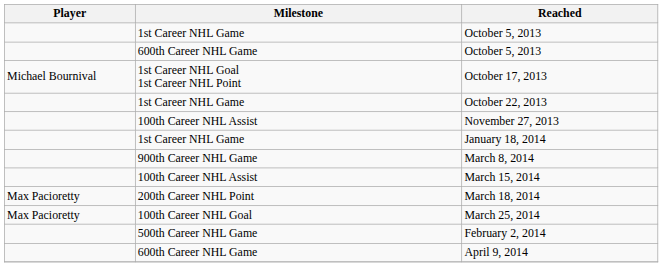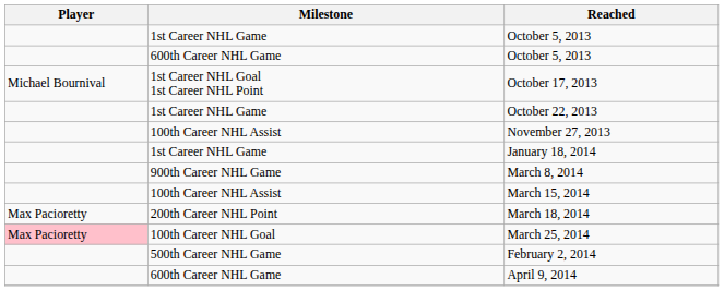 <table class="wikitable sortable" style="width:100%;">
 <tr align=center>
 <th style="width:20%;">Player</th>
 <th style="width:50%;">Milestone</th>
 <th style="width:30%;" data-sort-type="date">Reached</th>
 </tr>
 <tr>
 <td></td>
 <td>1st Career NHL Game</td>
 <td>October 5, 2013</td>
 </tr>
 <tr>
 <td></td>
 <td>600th Career NHL Game</td>
 <td>October 5, 2013</td>
 </tr>
 <tr>
 <td>Michael Bournival</td>
 <td>1st Career NHL Goal<br>1st Career NHL Point</td>
 <td>October 17, 2013</td>
 </tr>
 <tr>
 <td></td>
 <td>1st Career NHL Game</td>
 <td>October 22, 2013</td>
 </tr>
 <tr>
 <td></td>
 <td>100th Career NHL Assist</td>
 <td>November 27, 2013</td>
 </tr>
 <tr>
 <td></td>
 <td>1st Career NHL Game</td>
 <td>January 18, 2014</td>
 </tr>
 <tr>
 <td></td>
 <td>900th Career NHL Game</td>
 <td>March 8, 2014</td>
 </tr>
 <tr>
 <td></td>
 <td>100th Career NHL Assist</td>
 <td>March 15, 2014</td>
 </tr>
 <tr>
 <td>Max Pacioretty</td>
 <td>200th Career NHL Point</td>
 <td>March 18, 2014</td>
 </tr>
 <tr>
-<td>Max Pacioretty</td>
+<td style="background: pink;">Max Pacioretty</td>
 <td>100th Career NHL Goal</td>
 <td>March 25, 2014</td>
 </tr>
 <tr>
 <td></td>
 <td>500th Career NHL Game</td>
 <td>February 2, 2014</td>
 </tr>
 <tr>
 <td></td>
 <td>600th Career NHL Game</td>
 <td>April 9, 2014</td>
 </tr>
 <tr>
 </tr>
 </table>
